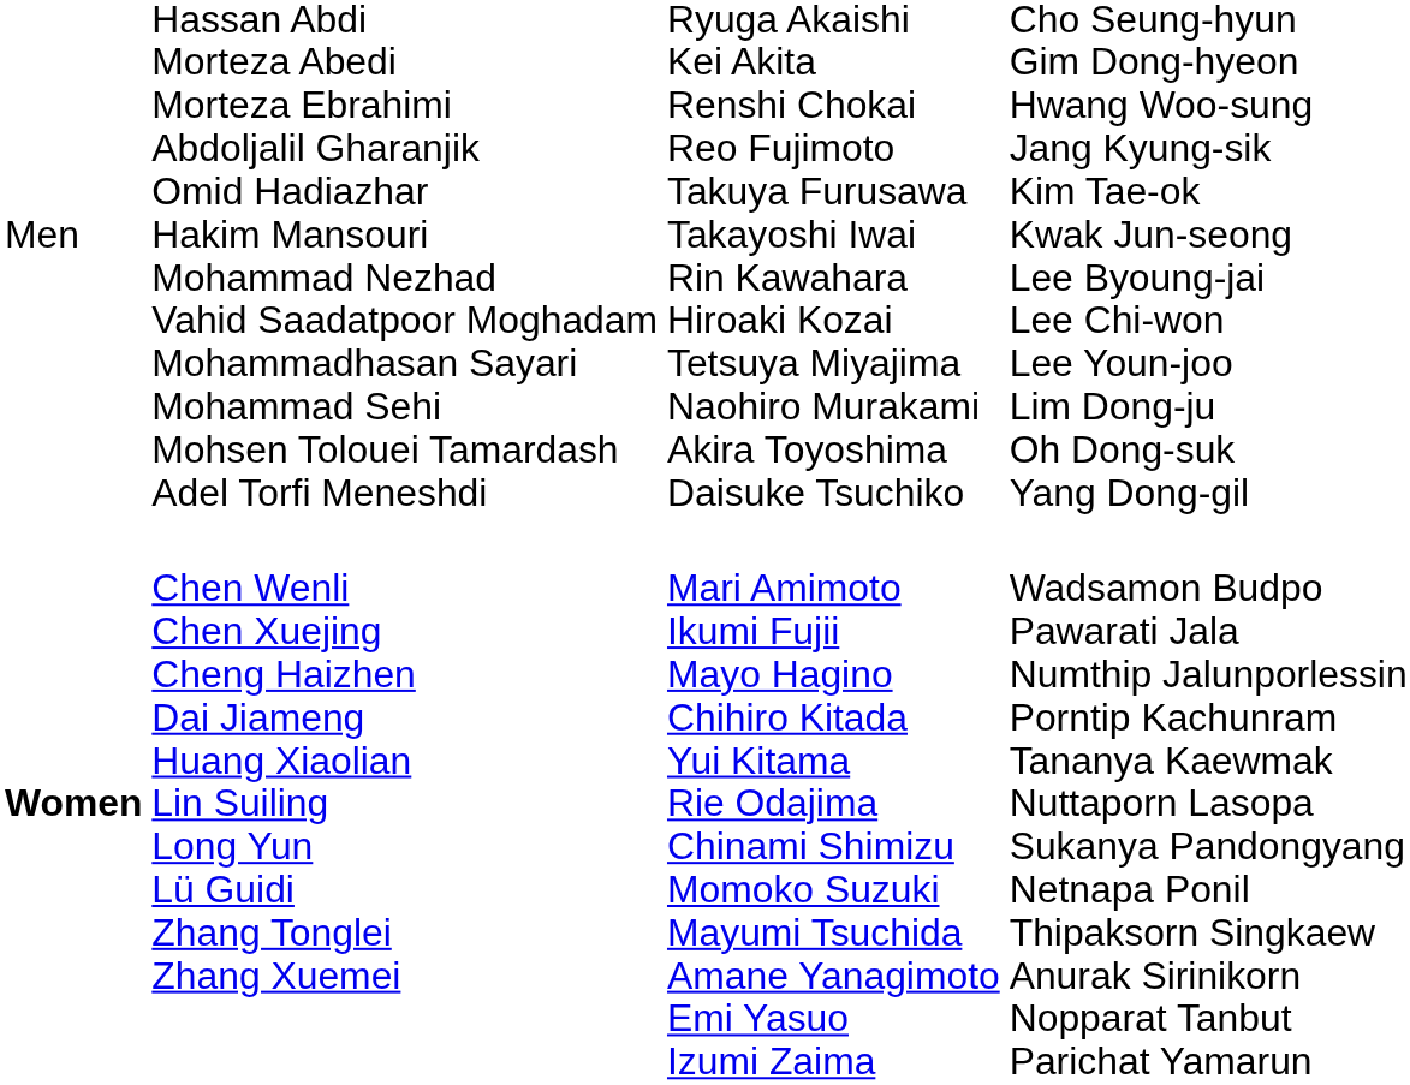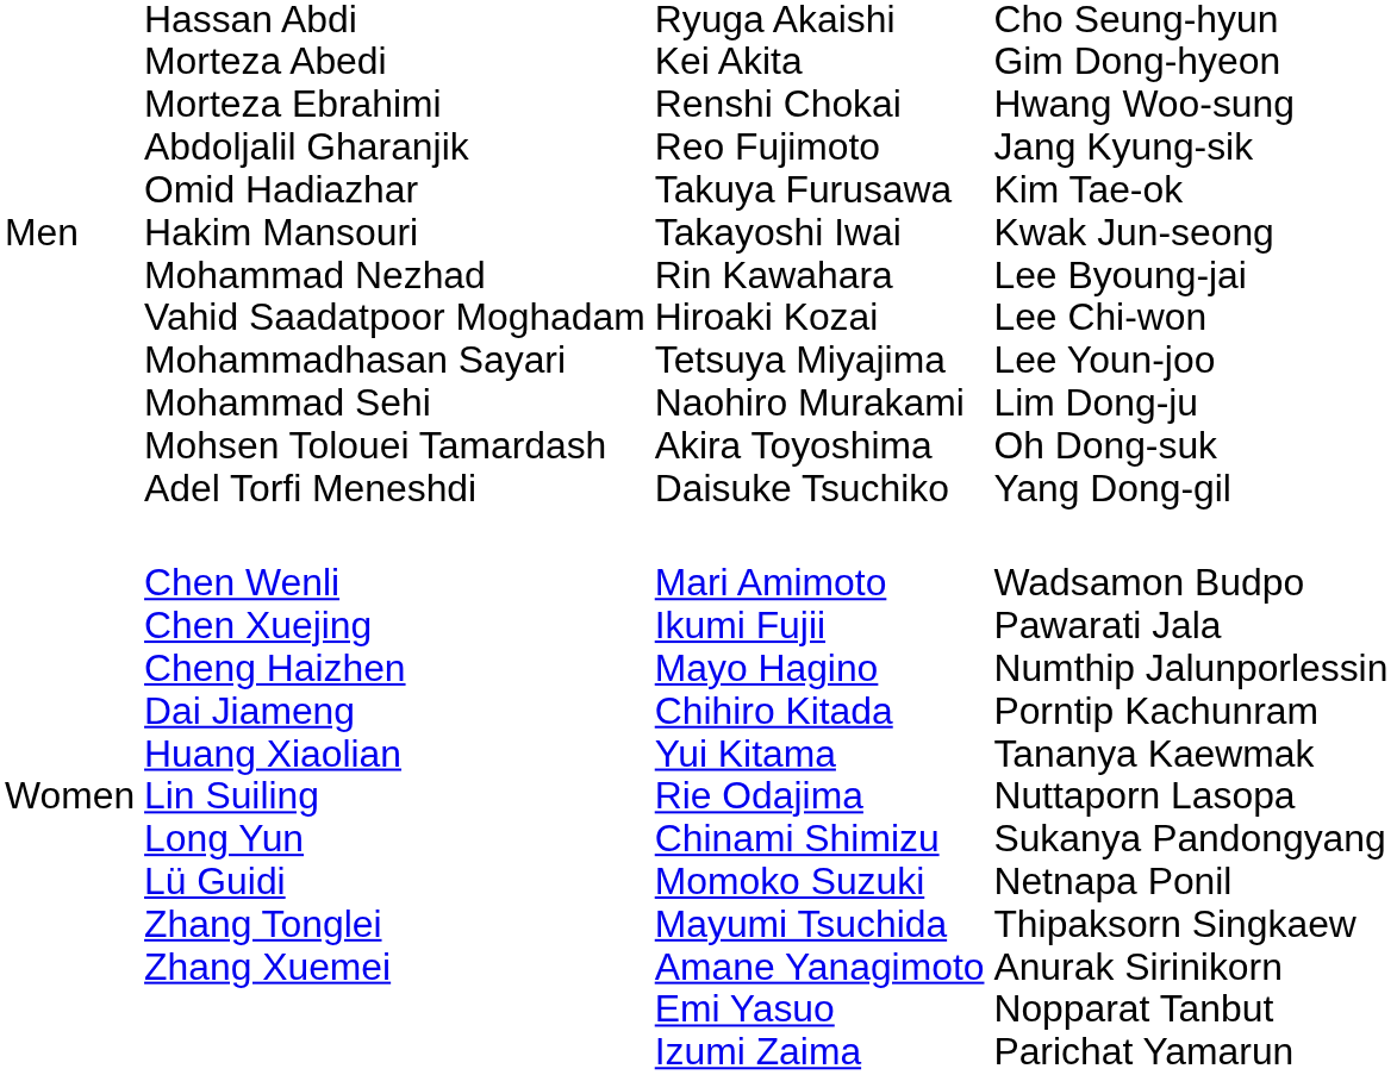 <table>
 <tr>
 <td>Men</td>
 <td nowrap><br>Hassan Abdi<br>Morteza Abedi<br>Morteza Ebrahimi<br>Abdoljalil Gharanjik<br>Omid Hadiazhar<br>Hakim Mansouri<br>Mohammad Nezhad<br>Vahid Saadatpoor Moghadam<br>Mohammadhasan Sayari<br>Mohammad Sehi<br>Mohsen Tolouei Tamardash<br>Adel Torfi Meneshdi</td>
 <td><br>Ryuga Akaishi<br>Kei Akita<br>Renshi Chokai<br>Reo Fujimoto<br>Takuya Furusawa<br>Takayoshi Iwai<br>Rin Kawahara<br>Hiroaki Kozai<br>Tetsuya Miyajima<br>Naohiro Murakami<br>Akira Toyoshima<br>Daisuke Tsuchiko</td>
 <td><br>Cho Seung-hyun<br>Gim Dong-hyeon<br>Hwang Woo-sung<br>Jang Kyung-sik<br>Kim Tae-ok<br>Kwak Jun-seong<br>Lee Byoung-jai<br>Lee Chi-won<br>Lee Youn-joo<br>Lim Dong-ju<br>Oh Dong-suk<br>Yang Dong-gil</td>
 </tr>
 <tr>
-<td><strong>Women</strong></td>
+<td>Women</td>
 <td valign=top><br><a href='#'>Chen Wenli</a><br><a href='#'>Chen Xuejing</a><br><a href='#'>Cheng Haizhen</a><br><a href='#'>Dai Jiameng</a><br><a href='#'>Huang Xiaolian</a><br><a href='#'>Lin Suiling</a><br><a href='#'>Long Yun</a><br><a href='#'>Lü Guidi</a><br><a href='#'>Zhang Tonglei</a><br><a href='#'>Zhang Xuemei</a></td>
 <td nowrap><br><a href='#'>Mari Amimoto</a><br><a href='#'>Ikumi Fujii</a><br><a href='#'>Mayo Hagino</a><br><a href='#'>Chihiro Kitada</a><br><a href='#'>Yui Kitama</a><br><a href='#'>Rie Odajima</a><br><a href='#'>Chinami Shimizu</a><br><a href='#'>Momoko Suzuki</a><br><a href='#'>Mayumi Tsuchida</a><br><a href='#'>Amane Yanagimoto</a><br><a href='#'>Emi Yasuo</a><br><a href='#'>Izumi Zaima</a></td>
 <td nowrap><br>Wadsamon Budpo<br>Pawarati Jala<br>Numthip Jalunporlessin<br>Porntip Kachunram<br>Tananya Kaewmak<br>Nuttaporn Lasopa<br>Sukanya Pandongyang<br>Netnapa Ponil<br>Thipaksorn Singkaew<br>Anurak Sirinikorn<br>Nopparat Tanbut<br>Parichat Yamarun</td>
 </tr>
 </table>
